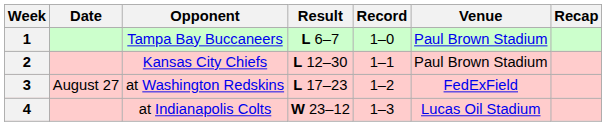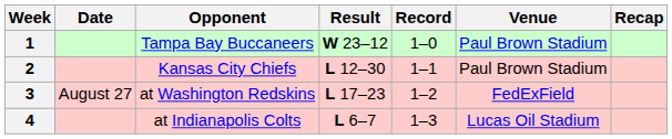 <table class="wikitable" style="text-align:center">
 <tr>
 <th>Week</th>
 <th>Date</th>
 <th>Opponent</th>
 <th>Result</th>
 <th>Record</th>
 <th>Venue</th>
 <th>Recap</th>
 </tr>
 <tr style="background:#cfc">
 <th>1</th>
 <td></td>
 <td><a href='#'>Tampa Bay Buccaneers</a></td>
-<td><strong>L</strong> 6–7</td>
+<td><strong>W</strong> 23–12</td>
 <td>1–0</td>
 <td><a href='#'>Paul Brown Stadium</a></td>
 <td></td>
 </tr>
 <tr style="background:#fcc">
 <th>2</th>
 <td></td>
 <td><a href='#'>Kansas City Chiefs</a></td>
 <td><strong>L</strong> 12–30</td>
 <td>1–1</td>
 <td>Paul Brown Stadium</td>
 <td></td>
 </tr>
 <tr style="background:#fcc">
 <th>3</th>
 <td>August 27</td>
 <td>at <a href='#'>Washington Redskins</a></td>
 <td><strong>L</strong> 17–23</td>
 <td>1–2</td>
 <td><a href='#'>FedExField</a></td>
 <td></td>
 </tr>
 <tr style="background:#fcc">
 <th>4</th>
 <td></td>
 <td>at <a href='#'>Indianapolis Colts</a></td>
-<td><strong>W</strong> 23–12</td>
+<td><strong>L</strong> 6–7</td>
 <td>1–3</td>
 <td><a href='#'>Lucas Oil Stadium</a></td>
 <td></td>
 </tr>
 </table>
